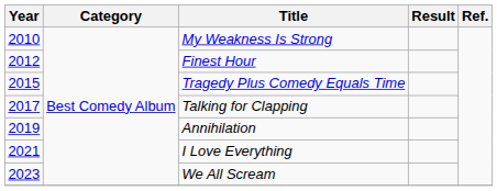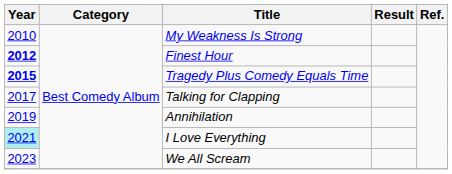 <table class="wikitable">
 <tr>
 <th>Year</th>
 <th>Category</th>
 <th>Title</th>
 <th>Result</th>
 <th>Ref.</th>
 </tr>
 <tr>
 <td><a href='#'>2010</a></td>
 <td rowspan="7"><a href='#'>Best Comedy Album</a></td>
 <td><em><a href='#'>My Weakness Is Strong</a></em></td>
 <td></td>
 <td align="center" rowspan="7"></td>
 </tr>
 <tr>
-<td><a href='#'>2012</a></td>
+<td><strong><a href='#'>2012</a></strong></td>
 <td><em><a href='#'>Finest Hour</a></em></td>
 <td></td>
 </tr>
 <tr>
-<td><a href='#'>2015</a></td>
+<td><strong><a href='#'>2015</a></strong></td>
 <td><em><a href='#'>Tragedy Plus Comedy Equals Time</a></em></td>
 <td></td>
 </tr>
 <tr>
 <td><a href='#'>2017</a></td>
 <td><em>Talking for Clapping</em></td>
 <td></td>
 </tr>
 <tr>
 <td><a href='#'>2019</a></td>
 <td><em>Annihilation</em></td>
 <td></td>
 </tr>
 <tr>
-<td><a href='#'>2021</a></td>
+<td style="background: paleturquoise;"><a href='#'>2021</a></td>
 <td><em>I Love Everything</em></td>
 <td></td>
 </tr>
 <tr>
 <td><a href='#'>2023</a></td>
 <td><em>We All Scream</em></td>
 <td></td>
 </tr>
 <tr>
 </tr>
 </table>
